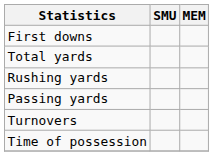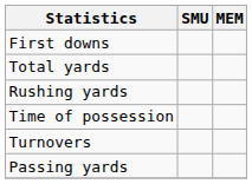 <table class="wikitable">
 <tr>
 <th>Statistics</th>
 <th>SMU</th>
 <th>MEM</th>
 </tr>
 <tr>
 <td>First downs</td>
 <td></td>
 <td></td>
 </tr>
 <tr>
 <td>Total yards</td>
 <td></td>
 <td></td>
 </tr>
 <tr>
 <td>Rushing yards</td>
 <td></td>
 <td></td>
 </tr>
 <tr>
-<td>Passing yards</td>
+<td>Time of possession</td>
 <td></td>
 <td></td>
 </tr>
 <tr>
 <td>Turnovers</td>
 <td></td>
 <td></td>
 </tr>
 <tr>
-<td>Time of possession</td>
+<td>Passing yards</td>
 <td></td>
 <td></td>
 </tr>
 <tr>
 </tr>
 </table>
